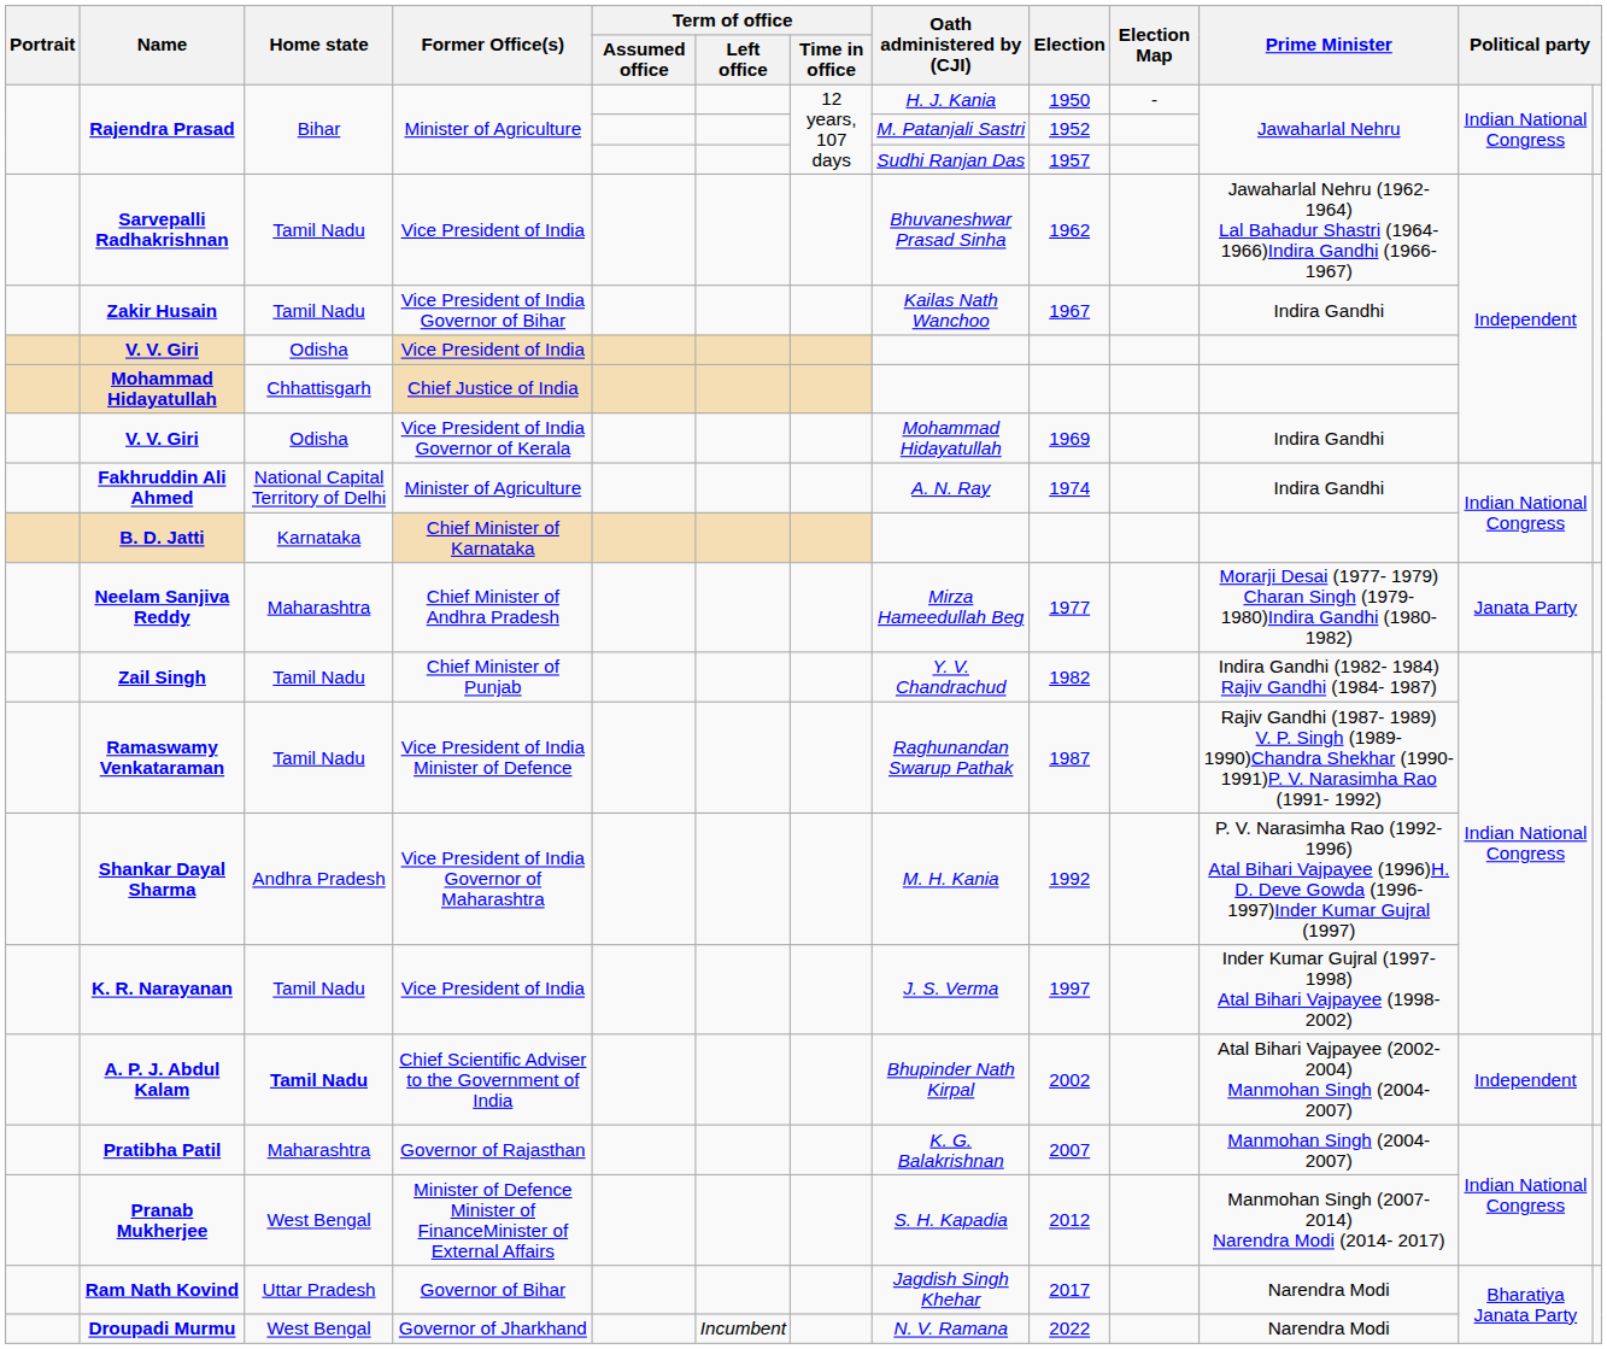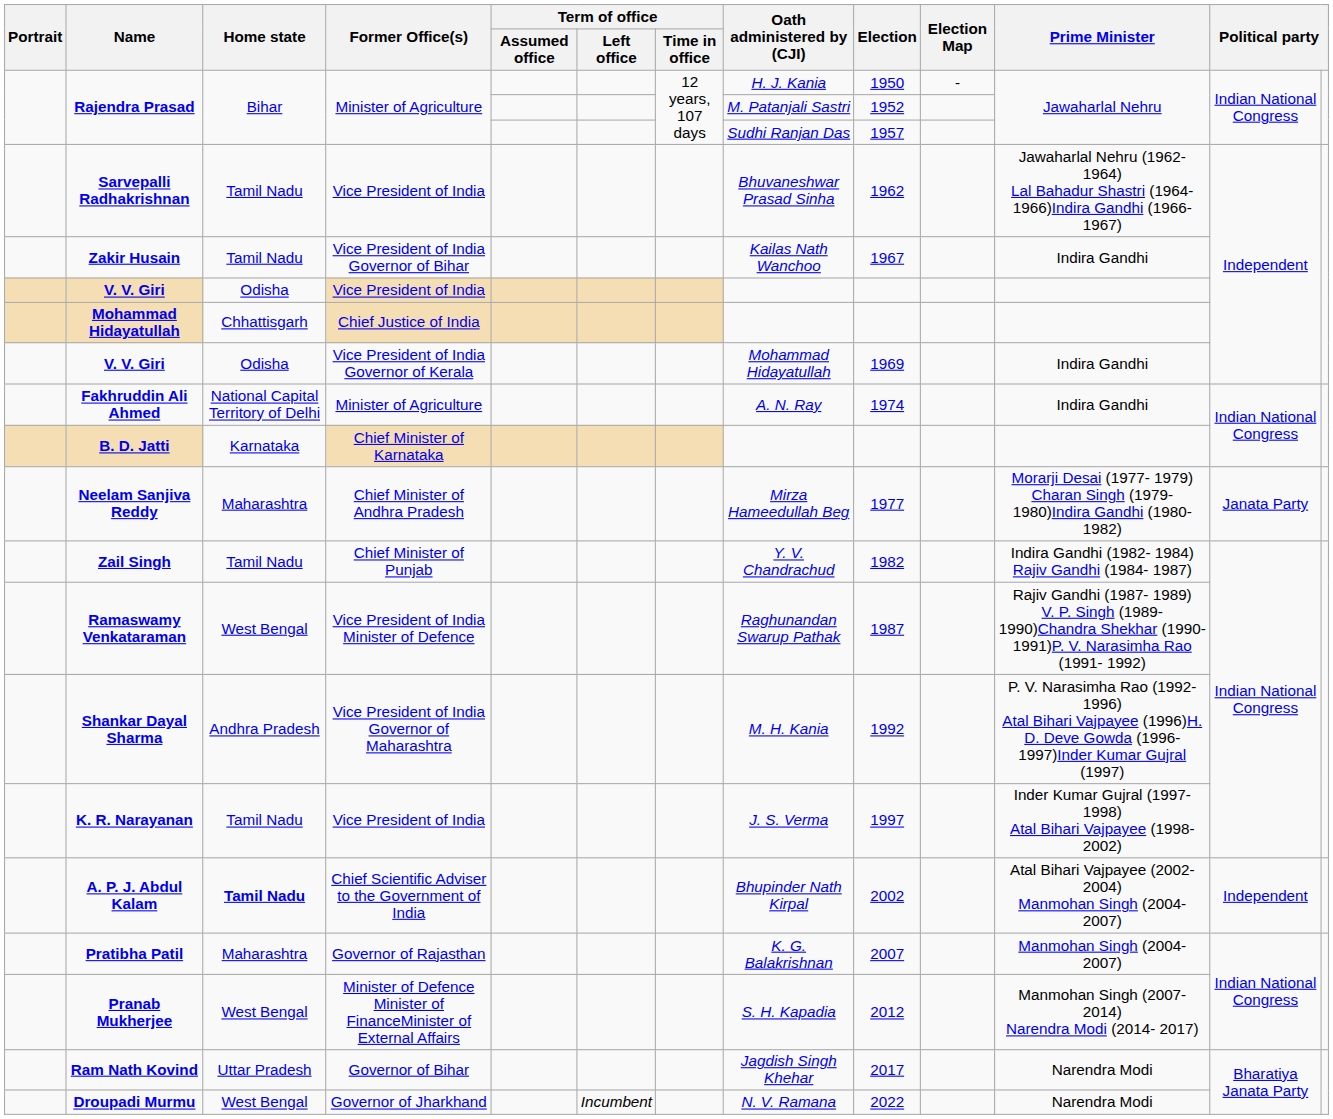 <table class="wikitable sortable" style="font-size:90%; text-align:center">
 <tr>
 <th rowspan="2">Portrait</th>
 <th rowspan="2">Name<br></th>
 <th rowspan="2">Home state</th>
 <th rowspan="2">Former Office(s)</th>
 <th colspan="3">Term of office</th>
 <th rowspan="2">Oath administered by<br>(CJI)</th>
 <th rowspan="2">Election</th>
 <th rowspan="2">Election Map</th>
 <th rowspan="2"><a href='#'>Prime Minister</a></th>
 <th rowspan="2" colspan="2">Political party</th>
 </tr>
 <tr>
 <th>Assumed office</th>
 <th>Left office</th>
 <th>Time in office</th>
 </tr>
 <tr>
 <td rowspan="3"></td>
 <td rowspan="3"><strong><a href='#'>Rajendra Prasad</a></strong><br></td>
 <td rowspan="3"><a href='#'>Bihar</a></td>
 <td rowspan="3"><a href='#'>Minister of Agriculture</a></td>
 <td></td>
 <td></td>
 <td rowspan="3">12 years, 107 days</td>
 <td><em><a href='#'>H. J. Kania</a></em></td>
 <td><a href='#'>1950</a></td>
 <td>-</td>
 <td rowspan="3"><a href='#'>Jawaharlal Nehru</a></td>
 <td rowspan="3"><a href='#'>Indian National Congress</a></td>
 <td rowspan="3" style="background-color: "></td>
 </tr>
 <tr>
 <td></td>
 <td></td>
 <td><em><a href='#'>M. Patanjali Sastri</a></em></td>
 <td><a href='#'>1952</a></td>
 <td></td>
 </tr>
 <tr>
 <td></td>
 <td></td>
 <td><em><a href='#'>Sudhi Ranjan Das</a></em></td>
 <td><a href='#'>1957</a></td>
 <td></td>
 </tr>
 <tr>
 <td></td>
 <td><strong><a href='#'>Sarvepalli Radhakrishnan</a></strong><br></td>
 <td><a href='#'>Tamil Nadu</a></td>
 <td><a href='#'>Vice President of India</a></td>
 <td></td>
 <td></td>
 <td></td>
 <td><em><a href='#'>Bhuvaneshwar Prasad Sinha</a></em></td>
 <td><a href='#'>1962</a></td>
 <td></td>
 <td>Jawaharlal Nehru (1962- 1964)<br><a href='#'>Lal Bahadur Shastri</a> (1964- 1966)<a href='#'>Indira Gandhi</a> (1966- 1967)</td>
 <td rowspan="5"><a href='#'>Independent</a></td>
 <td rowspan="5" style="background-color: "></td>
 </tr>
 <tr>
 <td></td>
 <td><strong><a href='#'>Zakir Husain</a></strong><br></td>
 <td><a href='#'>Tamil Nadu</a></td>
 <td><a href='#'>Vice President of India</a><br><a href='#'>Governor of Bihar</a></td>
 <td></td>
 <td></td>
 <td></td>
 <td><em><a href='#'>Kailas Nath Wanchoo</a></em></td>
 <td><a href='#'>1967</a></td>
 <td></td>
 <td>Indira Gandhi</td>
 </tr>
 <tr>
 <td style="background:wheat;"></td>
 <td style="background:wheat;"><strong><a href='#'>V. V. Giri</a></strong><br></td>
 <td><a href='#'>Odisha</a></td>
 <td style="background:wheat;"><a href='#'>Vice President of India</a></td>
 <td style="background:wheat;"></td>
 <td style="background:wheat;"></td>
 <td style="background:wheat;"></td>
 <td></td>
 <td></td>
 <td></td>
 </tr>
 <tr>
 <td style="background:wheat;"></td>
 <td style="background:wheat;"><strong><a href='#'>Mohammad Hidayatullah</a></strong><br></td>
 <td><a href='#'>Chhattisgarh</a></td>
 <td style="background:wheat;"><a href='#'>Chief Justice of India</a></td>
 <td style="background:wheat;"></td>
 <td style="background:wheat;"></td>
 <td style="background:wheat;"></td>
 <td></td>
 <td></td>
 <td></td>
 <td></td>
 </tr>
 <tr>
 <td></td>
 <td><strong><a href='#'>V. V. Giri</a></strong><br></td>
 <td><a href='#'>Odisha</a></td>
 <td><a href='#'>Vice President of India</a><br><a href='#'>Governor of Kerala</a></td>
 <td></td>
 <td></td>
 <td></td>
 <td><em><a href='#'>Mohammad Hidayatullah</a></em></td>
 <td><a href='#'>1969</a></td>
 <td></td>
 <td>Indira Gandhi</td>
 </tr>
 <tr>
 <td></td>
 <td><strong><a href='#'>Fakhruddin Ali Ahmed</a></strong><br></td>
 <td><a href='#'>National Capital Territory of Delhi</a></td>
 <td><a href='#'>Minister of Agriculture</a></td>
 <td></td>
 <td></td>
 <td></td>
 <td><em><a href='#'>A. N. Ray</a></em></td>
 <td><a href='#'>1974</a></td>
 <td></td>
 <td>Indira Gandhi</td>
 <td rowspan="2"><a href='#'>Indian National Congress</a></td>
 <td rowspan="2" style="background-color: "></td>
 </tr>
 <tr>
 <td style="background:wheat;"></td>
 <td style="background:wheat;"><strong><a href='#'>B. D. Jatti</a></strong><br></td>
 <td><a href='#'>Karnataka</a></td>
 <td style="background:wheat;"><a href='#'>Chief Minister of Karnataka</a></td>
 <td style="background:wheat;"></td>
 <td style="background:wheat;"></td>
 <td style="background:wheat;"></td>
 <td></td>
 <td></td>
 <td></td>
 </tr>
 <tr>
 <td></td>
 <td><strong><a href='#'>Neelam Sanjiva Reddy</a></strong><br></td>
 <td><a href='#'>Maharashtra</a></td>
 <td><a href='#'>Chief Minister of Andhra Pradesh</a></td>
 <td></td>
 <td></td>
 <td></td>
 <td><em><a href='#'>Mirza Hameedullah Beg</a></em></td>
 <td><a href='#'>1977</a></td>
 <td></td>
 <td><a href='#'>Morarji Desai</a> (1977- 1979)<br><a href='#'>Charan Singh</a> (1979- 1980)<a href='#'>Indira Gandhi</a> (1980- 1982)</td>
 <td><a href='#'>Janata Party</a></td>
 <td style="background-color: "></td>
 </tr>
 <tr>
 <td></td>
 <td><strong><a href='#'>Zail Singh</a></strong><br></td>
 <td><a href='#'>Tamil Nadu</a></td>
 <td><a href='#'>Chief Minister of Punjab</a></td>
 <td></td>
 <td></td>
 <td></td>
 <td><em><a href='#'>Y. V. Chandrachud</a></em></td>
 <td><a href='#'>1982</a></td>
 <td></td>
 <td>Indira Gandhi (1982- 1984)<br><a href='#'>Rajiv Gandhi</a> (1984- 1987)</td>
 <td rowspan="4"><a href='#'>Indian National Congress</a></td>
 <td rowspan="4" style="background-color: "></td>
 </tr>
 <tr>
 <td></td>
 <td><strong><a href='#'>Ramaswamy Venkataraman</a></strong><br></td>
-<td><a href='#'>Tamil Nadu</a></td>
+<td><a href='#'>West Bengal</a></td>
 <td><a href='#'>Vice President of India</a><br><a href='#'>Minister of Defence</a></td>
 <td></td>
 <td></td>
 <td></td>
 <td><em><a href='#'>Raghunandan Swarup Pathak</a></em></td>
 <td><a href='#'>1987</a></td>
 <td></td>
 <td>Rajiv Gandhi (1987- 1989)<br><a href='#'>V. P. Singh</a> (1989- 1990)<a href='#'>Chandra Shekhar</a> (1990- 1991)<a href='#'>P. V. Narasimha Rao</a> (1991- 1992)</td>
 </tr>
 <tr>
 <td></td>
 <td><strong><a href='#'>Shankar Dayal Sharma</a></strong><br></td>
 <td><a href='#'>Andhra Pradesh</a></td>
 <td><a href='#'>Vice President of India</a><br><a href='#'>Governor of Maharashtra</a></td>
 <td></td>
 <td></td>
 <td></td>
 <td><em><a href='#'>M. H. Kania</a></em></td>
 <td><a href='#'>1992</a></td>
 <td></td>
 <td>P. V. Narasimha Rao (1992- 1996)<br><a href='#'>Atal Bihari Vajpayee</a> (1996)<a href='#'>H. D. Deve Gowda</a> (1996- 1997)<a href='#'>Inder Kumar Gujral</a> (1997)</td>
 </tr>
 <tr>
 <td></td>
 <td><strong><a href='#'>K. R. Narayanan</a></strong><br></td>
 <td><a href='#'>Tamil Nadu</a></td>
 <td><a href='#'>Vice President of India</a></td>
 <td></td>
 <td></td>
 <td></td>
 <td><em><a href='#'>J. S. Verma</a></em></td>
 <td><a href='#'>1997</a></td>
 <td></td>
 <td>Inder Kumar Gujral (1997- 1998)<br><a href='#'>Atal Bihari Vajpayee</a> (1998- 2002)</td>
 </tr>
 <tr>
 <td></td>
 <td><strong><a href='#'>A. P. J. Abdul Kalam</a></strong><br></td>
 <td><strong><a href='#'>Tamil Nadu</a></strong></td>
 <td><a href='#'>Chief Scientific Adviser to the Government of India</a></td>
 <td></td>
 <td></td>
 <td></td>
 <td><em><a href='#'>Bhupinder Nath Kirpal</a></em></td>
 <td><a href='#'>2002</a></td>
 <td></td>
 <td>Atal Bihari Vajpayee (2002- 2004)<br><a href='#'>Manmohan Singh</a> (2004- 2007)</td>
 <td><a href='#'>Independent</a></td>
 <td style="background-color: "></td>
 </tr>
 <tr>
 <td></td>
 <td><strong><a href='#'>Pratibha Patil</a></strong><br></td>
 <td><a href='#'>Maharashtra</a></td>
 <td><a href='#'>Governor of Rajasthan</a></td>
 <td></td>
 <td></td>
 <td></td>
 <td><em><a href='#'>K. G. Balakrishnan</a></em></td>
 <td><a href='#'>2007</a></td>
 <td></td>
 <td><a href='#'>Manmohan Singh</a> (2004- 2007)</td>
 <td rowspan="2"><a href='#'>Indian National Congress</a></td>
 <td rowspan="2" style="background-color: "></td>
 </tr>
 <tr>
 <td></td>
 <td><strong><a href='#'>Pranab Mukherjee</a></strong><br></td>
 <td><a href='#'>West Bengal</a></td>
 <td><a href='#'>Minister of Defence</a><br><a href='#'>Minister of Finance</a><a href='#'>Minister of External Affairs</a></td>
 <td></td>
 <td></td>
 <td></td>
 <td><em><a href='#'>S. H. Kapadia</a></em></td>
 <td><a href='#'>2012</a></td>
 <td></td>
 <td>Manmohan Singh (2007- 2014)<br><a href='#'>Narendra Modi</a> (2014- 2017)</td>
 </tr>
 <tr>
 <td></td>
 <td><strong><a href='#'>Ram Nath Kovind</a></strong><br></td>
 <td><a href='#'>Uttar Pradesh</a></td>
 <td><a href='#'>Governor of Bihar</a></td>
 <td></td>
 <td></td>
 <td></td>
 <td><em><a href='#'>Jagdish Singh Khehar</a></em></td>
 <td><a href='#'>2017</a></td>
 <td></td>
 <td>Narendra Modi</td>
 <td rowspan="2"><a href='#'>Bharatiya Janata Party</a></td>
 <td rowspan="2" style="background-color: "></td>
 </tr>
 <tr>
 <td></td>
 <td><strong><a href='#'>Droupadi Murmu</a></strong><br></td>
 <td><a href='#'>West Bengal</a></td>
 <td><a href='#'>Governor of Jharkhand</a></td>
 <td></td>
 <td><em>Incumbent</em></td>
 <td></td>
 <td><em><a href='#'>N. V. Ramana</a></em></td>
 <td><a href='#'>2022</a></td>
 <td></td>
 <td>Narendra Modi</td>
 </tr>
 </table>
